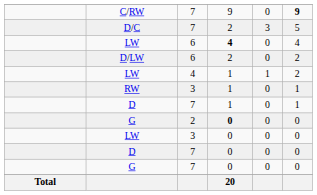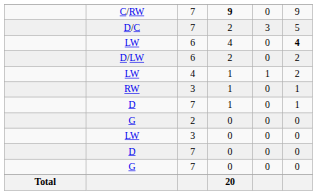 <table class="wikitable sortable" width ="40%">
 <tr align="center">
 </tr>
 <tr align="center" bgcolor="">
 <td></td>
 <td><a href='#'>C</a>/<a href='#'>RW</a></td>
 <td>7</td>
+<td><strong>9</strong></td>
+<td>0</td>
 <td>9</td>
-<td>0</td>
-<td><strong>9</strong></td>
 </tr>
 <tr align="center" bgcolor="f0f0f0">
 <td></td>
 <td><a href='#'>D</a>/<a href='#'>C</a></td>
 <td>7</td>
 <td>2</td>
 <td>3</td>
 <td>5</td>
 </tr>
 <tr align="center" bgcolor="">
 <td></td>
 <td><a href='#'>LW</a></td>
 <td>6</td>
+<td>4</td>
+<td>0</td>
 <td><strong>4</strong></td>
-<td>0</td>
-<td>4</td>
 </tr>
 <tr align="center" bgcolor="f0f0f0">
 <td></td>
 <td><a href='#'>D</a>/<a href='#'>LW</a></td>
 <td>6</td>
 <td>2</td>
 <td>0</td>
 <td>2</td>
 </tr>
 <tr align="center" bgcolor="">
 <td></td>
 <td><a href='#'>LW</a></td>
 <td>4</td>
 <td>1</td>
 <td>1</td>
 <td>2</td>
 </tr>
 <tr align="center" bgcolor="f0f0f0">
 <td></td>
 <td><a href='#'>RW</a></td>
 <td>3</td>
 <td>1</td>
 <td>0</td>
 <td>1</td>
 </tr>
 <tr align="center" bgcolor="">
 <td></td>
 <td><a href='#'>D</a></td>
 <td>7</td>
 <td>1</td>
 <td>0</td>
 <td>1</td>
 </tr>
 <tr align="center" bgcolor="f0f0f0">
 <td></td>
 <td><a href='#'>G</a></td>
 <td>2</td>
-<td><strong>0</strong></td>
+<td>0</td>
 <td>0</td>
 <td>0</td>
 </tr>
 <tr align="center" bgcolor="">
 <td></td>
 <td><a href='#'>LW</a></td>
 <td>3</td>
 <td>0</td>
 <td>0</td>
 <td>0</td>
 </tr>
 <tr align="center" bgcolor="f0f0f0">
 <td></td>
 <td><a href='#'>D</a></td>
 <td>7</td>
 <td>0</td>
 <td>0</td>
 <td>0</td>
 </tr>
 <tr align="center" bgcolor="">
 <td></td>
 <td><a href='#'>G</a></td>
 <td>7</td>
 <td>0</td>
 <td>0</td>
 <td>0</td>
 </tr>
 <tr align="center" bgcolor="f0f0f0">
 </tr>
 <tr>
 <th>Total</th>
 <th></th>
 <th></th>
 <th>20</th>
 <th></th>
 <th></th>
 </tr>
 </table>
